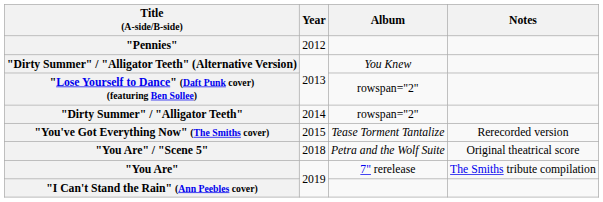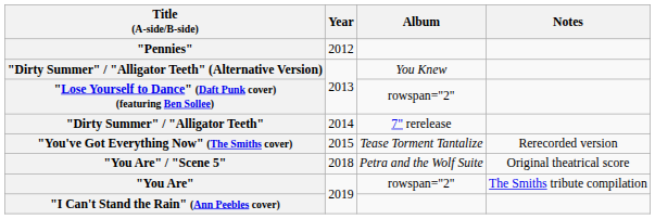 <table class="wikitable plainrowheaders" style="text-align:center;">
 <tr>
 <th>Title<br><small>(A-side/B-side)</small></th>
 <th>Year</th>
 <th>Album</th>
 <th>Notes</th>
 </tr>
 <tr>
 <th scope="row">"Pennies"</th>
 <td>2012</td>
 <td></td>
 <td></td>
 </tr>
 <tr>
 <th scope="row">"Dirty Summer" / "Alligator Teeth" (Alternative Version)</th>
 <td rowspan="2">2013</td>
 <td><em>You Knew</em></td>
 <td></td>
 </tr>
 <tr>
 <th scope="row">"<a href='#'>Lose Yourself to Dance</a>" <small>(<a href='#'>Daft Punk</a> cover)<br>(featuring <a href='#'>Ben Sollee</a>)</small></th>
 <td>rowspan="2" </td>
 <td></td>
 </tr>
 <tr>
 <th scope="row">"Dirty Summer" / "Alligator Teeth"</th>
 <td>2014</td>
-<td>rowspan="2" </td>
+<td><a href='#'>7"</a> rerelease</td>
 </tr>
 <tr>
 <th scope="row">"You've Got Everything Now" <small>(<a href='#'>The Smiths</a> cover)</small></th>
 <td>2015</td>
 <td><em>Tease Torment Tantalize</em></td>
 <td>Rerecorded version</td>
 </tr>
 <tr>
 <th scope="row">"You Are" / "Scene 5"</th>
 <td>2018</td>
 <td><em>Petra and the Wolf Suite</em></td>
 <td>Original theatrical score</td>
 </tr>
 <tr>
 <th scope="row">"You Are"</th>
 <td rowspan="2">2019</td>
-<td><a href='#'>7"</a> rerelease</td>
+<td>rowspan="2" </td>
 <td><a href='#'>The Smiths</a> tribute compilation</td>
 </tr>
 <tr>
 <th scope="row">"I Can't Stand the Rain" <small>(<a href='#'>Ann Peebles</a> cover)</small></th>
 <td></td>
 </tr>
 </table>
